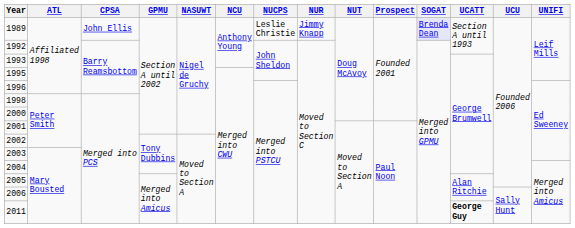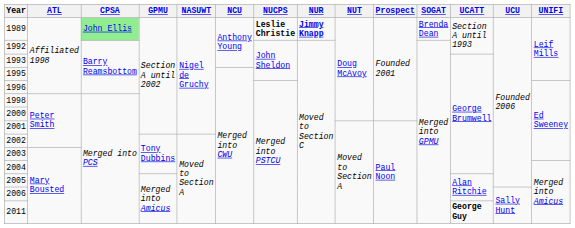 <table class="wikitable">
 <tr>
 <th>Year</th>
 <th><a href='#'>ATL</a></th>
 <th><a href='#'>CPSA</a></th>
 <th><a href='#'>GPMU</a></th>
 <th><a href='#'>NASUWT</a></th>
 <th><a href='#'>NCU</a></th>
 <th><a href='#'>NUCPS</a></th>
 <th><a href='#'>NUR</a></th>
 <th><a href='#'>NUT</a></th>
 <th><a href='#'>Prospect</a></th>
 <th><a href='#'>SOGAT</a></th>
 <th><a href='#'>UCATT</a></th>
 <th><a href='#'>UCU</a></th>
 <th><a href='#'>UNIFI</a></th>
 </tr>
 <tr>
 <td>1989</td>
 <td rowspan=5><em>Affiliated 1998</em></td>
-<td><a href='#'>John Ellis</a></td>
+<td style="background: lightgreen;"><a href='#'>John Ellis</a></td>
 <td rowspan=8><em>Section A until 2002</em></td>
 <td rowspan=8><a href='#'>Nigel de Gruchy</a></td>
 <td rowspan=3><a href='#'>Anthony Young</a></td>
-<td>Leslie Christie</td>
-<td><a href='#'>Jimmy Knapp</a></td>
+<td><strong>Leslie Christie</strong></td>
+<td><strong><a href='#'>Jimmy Knapp</a></strong></td>
 <td rowspan=7><a href='#'>Doug McAvoy</a></td>
 <td rowspan=7><em>Founded 2001</em></td>
-<td style="background: lavender;"><a href='#'>Brenda Dean</a></td>
+<td><a href='#'>Brenda Dean</a></td>
 <td rowspan=2><em>Section A until 1993</em></td>
 <td rowspan=12><em>Founded 2006</em></td>
 <td rowspan=4><a href='#'>Leif Mills</a></td>
 </tr>
 <tr>
 <td>1992</td>
 <td rowspan=4><a href='#'>Barry Reamsbottom</a></td>
 <td rowspan=3><a href='#'>John Sheldon</a></td>
 <td rowspan=13><em>Moved to Section C</em></td>
 <td rowspan=13><em>Merged into <a href='#'>GPMU</a></em></td>
 </tr>
 <tr>
 <td>1993</td>
 <td rowspan=9><a href='#'>George Brumwell</a></td>
 </tr>
 <tr>
 <td>1995</td>
 <td rowspan=11><em>Merged into <a href='#'>CWU</a></em></td>
 </tr>
 <tr>
 <td>1996</td>
 <td rowspan=10><em>Merged into <a href='#'>PSTCU</a></em></td>
 <td rowspan=6><a href='#'>Ed Sweeney</a></td>
 </tr>
 <tr>
 <td>1998</td>
 <td rowspan=4><a href='#'>Peter Smith</a></td>
 <td rowspan=9><em>Merged into <a href='#'>PCS</a></em></td>
 </tr>
 <tr>
 <td>2000</td>
 </tr>
 <tr>
 <td>2001</td>
 <td rowspan=7><em>Moved to Section A</em></td>
 <td rowspan=7><a href='#'>Paul Noon</a></td>
 </tr>
 <tr>
 <td>2002</td>
 <td rowspan=3><a href='#'>Tony Dubbins</a></td>
 <td rowspan=6><em>Moved to Section A</em></td>
 </tr>
 <tr>
 <td>2003</td>
 <td rowspan=5><a href='#'>Mary Bousted</a></td>
 </tr>
 <tr>
 <td>2004</td>
 <td rowspan=4><em>Merged into <a href='#'>Amicus</a></em></td>
 </tr>
 <tr>
 <td>2005</td>
 <td rowspan=3><em>Merged into <a href='#'>Amicus</a></em></td>
 <td rowspan=2><a href='#'>Alan Ritchie</a></td>
 </tr>
 <tr>
 <td>2006</td>
 <td rowspan=2><a href='#'>Sally Hunt</a></td>
 </tr>
 <tr>
 <td>2011</td>
 <td><strong>George Guy</strong></td>
 </tr>
 </table>
